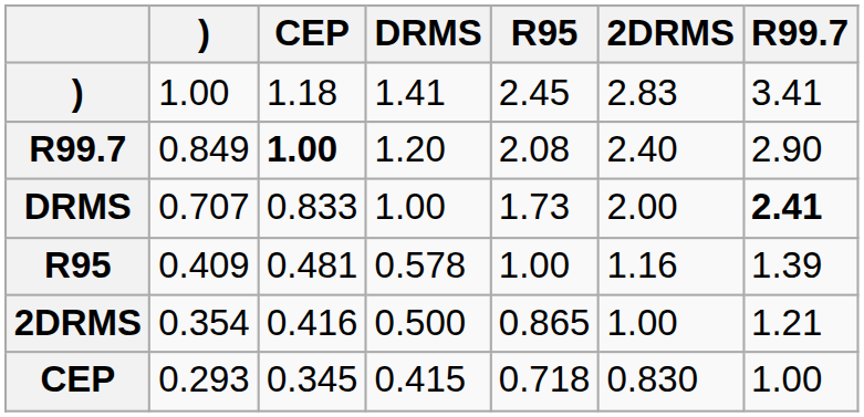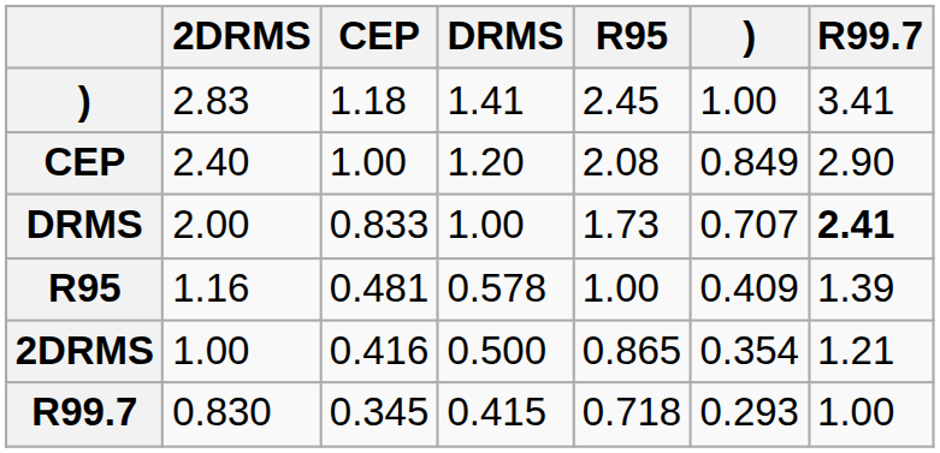 <table class="wikitable">
 <tr>
 <th></th>
-<th>)</th>
+<th>2DRMS</th>
 <th>CEP</th>
 <th>DRMS</th>
 <th>R95</th>
-<th>2DRMS</th>
+<th>)</th>
 <th>R99.7</th>
 </tr>
 <tr>
 <th>)</th>
-<td>1.00</td>
+<td>2.83</td>
 <td>1.18</td>
 <td>1.41</td>
 <td>2.45</td>
-<td>2.83</td>
+<td>1.00</td>
 <td>3.41</td>
 </tr>
 <tr>
-<th>R99.7</th>
-<td>0.849</td>
-<td><strong>1.00</strong></td>
+<th>CEP</th>
+<td>2.40</td>
+<td>1.00</td>
 <td>1.20</td>
 <td>2.08</td>
-<td>2.40</td>
+<td>0.849</td>
 <td>2.90</td>
 </tr>
 <tr>
 <th>DRMS</th>
-<td>0.707</td>
+<td>2.00</td>
 <td>0.833</td>
 <td>1.00</td>
 <td>1.73</td>
-<td>2.00</td>
+<td>0.707</td>
 <td><strong>2.41</strong></td>
 </tr>
 <tr>
 <th>R95</th>
-<td>0.409</td>
+<td>1.16</td>
 <td>0.481</td>
 <td>0.578</td>
 <td>1.00</td>
-<td>1.16</td>
+<td>0.409</td>
 <td>1.39</td>
 </tr>
 <tr>
 <th>2DRMS</th>
-<td>0.354</td>
+<td>1.00</td>
 <td>0.416</td>
 <td>0.500</td>
 <td>0.865</td>
-<td>1.00</td>
+<td>0.354</td>
 <td>1.21</td>
 </tr>
 <tr>
-<th>CEP</th>
-<td>0.293</td>
+<th>R99.7</th>
+<td>0.830</td>
 <td>0.345</td>
 <td>0.415</td>
 <td>0.718</td>
-<td>0.830</td>
+<td>0.293</td>
 <td>1.00</td>
 </tr>
 </table>
